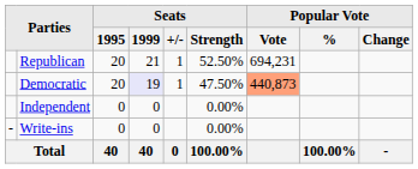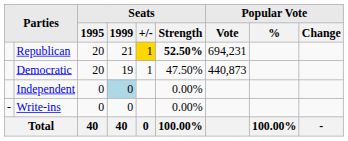 <table class=wikitable>
 <tr>
 <th style="background-color:#E9E9E9" align=center rowspan= 2 colspan=2>Parties</th>
 <th style="background-color:#E9E9E9" align=center colspan=4>Seats</th>
 <th style="background-color:#E9E9E9" align=center colspan=3>Popular Vote</th>
 </tr>
 <tr>
 <th align=center>1995</th>
 <th align=center>1999</th>
 <th align=center>+/-</th>
 <th align=center>Strength</th>
 <th align=center>Vote</th>
 <th align=center>%</th>
 <th align=center>Change</th>
 </tr>
 <tr>
 <td></td>
 <td align=left><a href='#'>Republican</a></td>
 <td align=right >20</td>
 <td align=right >21</td>
-<td align=right> 1</td>
-<td align=right >52.50%</td>
+<td align=right style="background: gold;"> 1</td>
+<td align=right ><strong>52.50%</strong></td>
 <td align=right >694,231</td>
 <td align=right ></td>
 <td align=right></td>
 </tr>
 <tr>
 <td></td>
 <td align=left><a href='#'>Democratic</a></td>
 <td align=right >20</td>
-<td align=right style="background: lavender;">19</td>
+<td align=right>19</td>
 <td align=right> 1</td>
 <td align=right>47.50%</td>
-<td align=right style="background: lightsalmon;">440,873</td>
+<td align=right>440,873</td>
 <td align=right></td>
 <td align=right></td>
 </tr>
 <tr>
 <td></td>
 <td><a href='#'>Independent</a></td>
 <td align=right>0</td>
-<td align=right>0</td>
+<td align=right style="background: lightblue;">0</td>
 <td align=right></td>
 <td align=right>0.00%</td>
 <td align=right></td>
 <td align=right></td>
 <td align=right></td>
 </tr>
 <tr>
 <td>-</td>
 <td><a href='#'>Write-ins</a></td>
 <td align=right>0</td>
 <td align=right>0</td>
 <td align=right></td>
 <td align=right>0.00%</td>
 <td align=right></td>
 <td align=right></td>
 <td align=right></td>
 </tr>
 <tr>
 <th align=center colspan="2">Total</th>
 <th align=center>40</th>
 <th align=center>40</th>
 <th align=center>0</th>
 <th align=center>100.00%</th>
 <th align=center></th>
 <th align=center>100.00%</th>
 <th align=center>-</th>
 </tr>
 </table>
